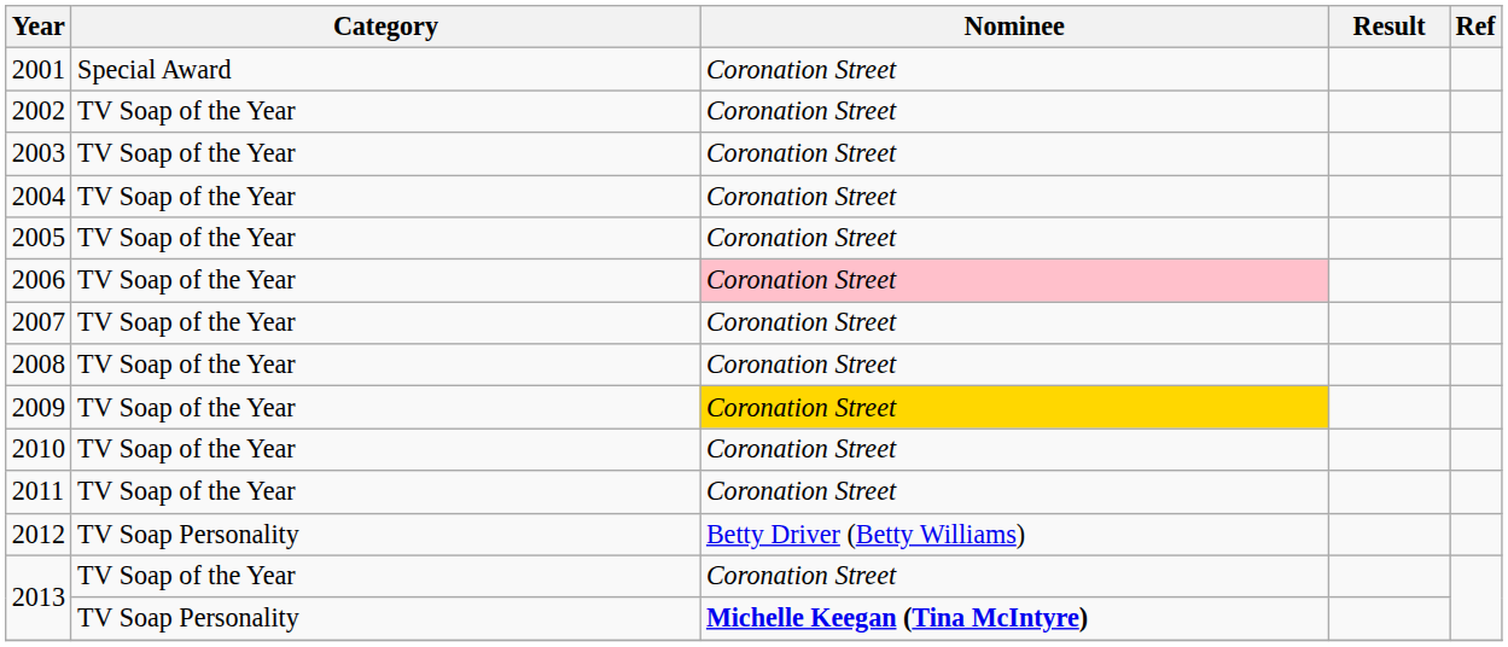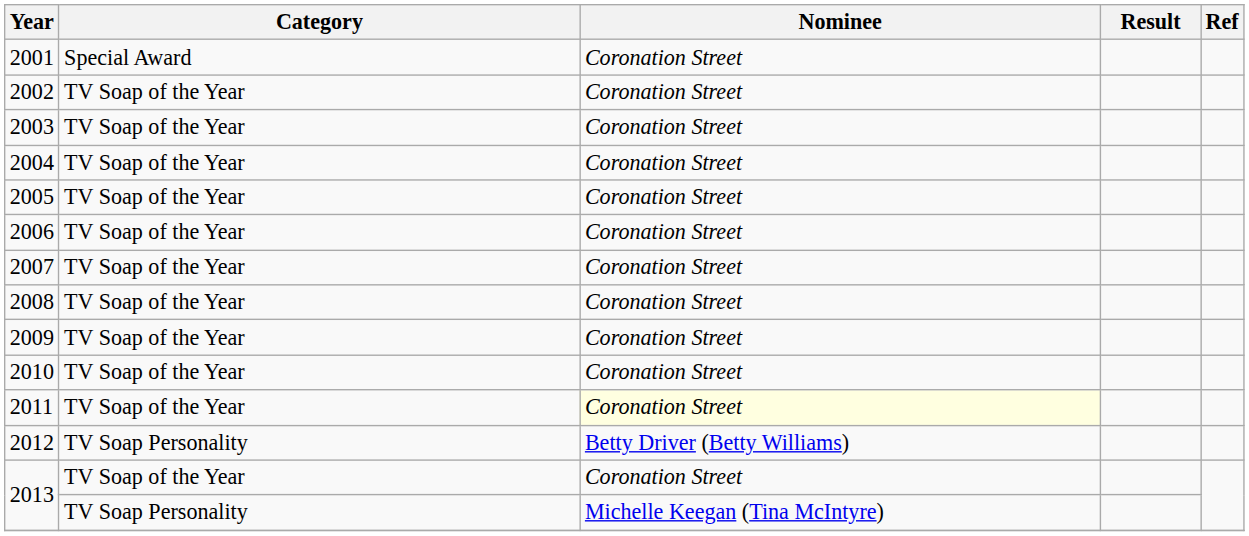 <table class="wikitable">
 <tr>
 <th>Year</th>
 <th width="370">Category</th>
 <th width="370">Nominee</th>
 <th width="65">Result</th>
 <th>Ref</th>
 </tr>
 <tr>
 <td>2001</td>
 <td>Special Award</td>
 <td><em>Coronation Street</em></td>
 <td></td>
 <td></td>
 </tr>
 <tr>
 <td>2002</td>
 <td>TV Soap of the Year</td>
 <td><em>Coronation Street</em></td>
 <td></td>
 <td></td>
 </tr>
 <tr>
 <td>2003</td>
 <td>TV Soap of the Year</td>
 <td><em>Coronation Street</em></td>
 <td></td>
 <td align="center"></td>
 </tr>
 <tr>
 <td>2004</td>
 <td>TV Soap of the Year</td>
 <td><em>Coronation Street</em></td>
 <td></td>
 <td align="center"></td>
 </tr>
 <tr>
 <td>2005</td>
 <td>TV Soap of the Year</td>
 <td><em>Coronation Street</em></td>
 <td></td>
 <td align="center"></td>
 </tr>
 <tr>
 <td>2006</td>
 <td>TV Soap of the Year</td>
-<td style="background: pink;"><em>Coronation Street</em></td>
+<td><em>Coronation Street</em></td>
 <td></td>
 <td align="center"></td>
 </tr>
 <tr>
 <td>2007</td>
 <td>TV Soap of the Year</td>
 <td><em>Coronation Street</em></td>
 <td></td>
 <td align="center"></td>
 </tr>
 <tr>
 <td>2008</td>
 <td>TV Soap of the Year</td>
 <td><em>Coronation Street</em></td>
 <td></td>
 <td></td>
 </tr>
 <tr>
 <td>2009</td>
 <td>TV Soap of the Year</td>
-<td style="background: gold;"><em>Coronation Street</em></td>
+<td><em>Coronation Street</em></td>
 <td></td>
 <td></td>
 </tr>
 <tr>
 <td>2010</td>
 <td>TV Soap of the Year</td>
 <td><em>Coronation Street</em></td>
 <td></td>
 <td></td>
 </tr>
 <tr>
 <td>2011</td>
 <td>TV Soap of the Year</td>
-<td><em>Coronation Street</em></td>
+<td style="background: lightyellow;"><em>Coronation Street</em></td>
 <td></td>
 <td align="center"></td>
 </tr>
 <tr>
 <td>2012</td>
 <td>TV Soap Personality</td>
 <td><a href='#'>Betty Driver</a> (<a href='#'>Betty Williams</a>)</td>
 <td></td>
 <td align="center"></td>
 </tr>
 <tr>
 <td rowspan="2">2013</td>
 <td>TV Soap of the Year</td>
 <td><em>Coronation Street</em></td>
 <td></td>
 <td align="center" rowspan="2"><br></td>
 </tr>
 <tr>
 <td>TV Soap Personality</td>
-<td><strong><a href='#'>Michelle Keegan</a> (<a href='#'>Tina McIntyre</a>)</strong></td>
+<td><a href='#'>Michelle Keegan</a> (<a href='#'>Tina McIntyre</a>)</td>
 <td></td>
 </tr>
 <tr>
 </tr>
 </table>
